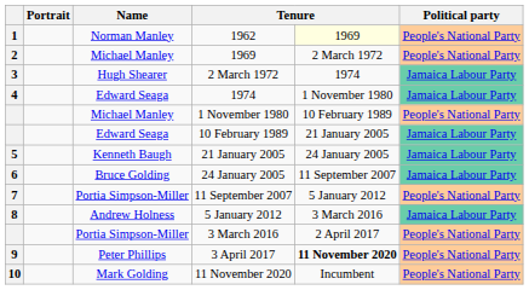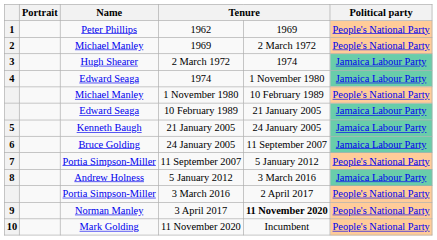 <table class="wikitable" style="text-align:center">
 <tr align=center bgcolor=#ebebeb>
 <th></th>
 <th>Portrait</th>
 <th>Name<br></th>
 <th colspan="2">Tenure</th>
 <th>Political party</th>
 </tr>
 <tr>
 <th style="background:">1</th>
 <td></td>
-<td><a href='#'>Norman Manley</a><br></td>
+<td><a href='#'>Peter Phillips</a><br></td>
 <td>1962</td>
-<td style="background: lightyellow;">1969</td>
+<td>1969</td>
 <td bgcolor=#FFCC99><a href='#'>People's National Party</a></td>
 </tr>
 <tr>
 <th style="background:">2</th>
 <td></td>
 <td><a href='#'>Michael Manley</a><br></td>
 <td>1969</td>
 <td>2 March 1972</td>
 <td bgcolor=#FFCC99><a href='#'>People's National Party</a></td>
 </tr>
 <tr>
 <th style="background:">3</th>
 <td></td>
 <td><a href='#'>Hugh Shearer</a><br></td>
 <td>2 March 1972</td>
 <td>1974</td>
 <td bgcolor=#69CDAA><a href='#'>Jamaica Labour Party</a></td>
 </tr>
 <tr>
 <th style="background:">4</th>
 <td></td>
 <td><a href='#'>Edward Seaga</a><br></td>
 <td>1974</td>
 <td>1 November 1980</td>
 <td bgcolor=#69CDAA><a href='#'>Jamaica Labour Party</a></td>
 </tr>
 <tr>
 <th style="background:"></th>
 <td></td>
 <td><a href='#'>Michael Manley</a><br></td>
 <td>1 November 1980</td>
 <td>10 February 1989</td>
 <td bgcolor=#FFCC99><a href='#'>People's National Party</a></td>
 </tr>
 <tr>
 <th style="background:"></th>
 <td></td>
 <td><a href='#'>Edward Seaga</a><br></td>
 <td>10 February 1989</td>
 <td>21 January 2005</td>
 <td bgcolor=#69CDAA><a href='#'>Jamaica Labour Party</a></td>
 </tr>
 <tr>
 <th style="background:">5</th>
 <td></td>
 <td><a href='#'>Kenneth Baugh</a><br></td>
 <td>21 January 2005</td>
 <td>24 January 2005</td>
 <td bgcolor=#69CDAA><a href='#'>Jamaica Labour Party</a></td>
 </tr>
 <tr>
 <th style="background:">6</th>
 <td></td>
 <td><a href='#'>Bruce Golding</a><br></td>
 <td>24 January 2005</td>
 <td>11 September 2007</td>
 <td bgcolor=#69CDAA><a href='#'>Jamaica Labour Party</a></td>
 </tr>
 <tr>
 <th style="background:">7</th>
 <td></td>
 <td><a href='#'>Portia Simpson-Miller</a><br></td>
 <td>11 September 2007</td>
 <td>5 January 2012</td>
 <td bgcolor=#FFCC99><a href='#'>People's National Party</a></td>
 </tr>
 <tr>
 <th style="background:">8</th>
 <td></td>
 <td><a href='#'>Andrew Holness</a><br></td>
 <td>5 January 2012</td>
 <td>3 March 2016</td>
 <td bgcolor=#69CDAA><a href='#'>Jamaica Labour Party</a></td>
 </tr>
 <tr>
 <th style="background:"></th>
 <td></td>
 <td><a href='#'>Portia Simpson-Miller</a><br></td>
 <td>3 March 2016</td>
 <td>2 April 2017</td>
 <td bgcolor=#FFCC99><a href='#'>People's National Party</a></td>
 </tr>
 <tr>
 <th style="background:">9</th>
 <td></td>
-<td><a href='#'>Peter Phillips</a><br></td>
+<td><a href='#'>Norman Manley</a><br></td>
 <td>3 April 2017</td>
 <td><strong>11 November 2020</strong></td>
 <td bgcolor=#FFCC99><a href='#'>People's National Party</a></td>
 </tr>
 <tr>
 <th style="background:">10</th>
 <td></td>
 <td><a href='#'>Mark Golding</a><br></td>
 <td>11 November 2020</td>
 <td>Incumbent</td>
 <td bgcolor=#FFCC99><a href='#'>People's National Party</a></td>
 </tr>
 </table>
